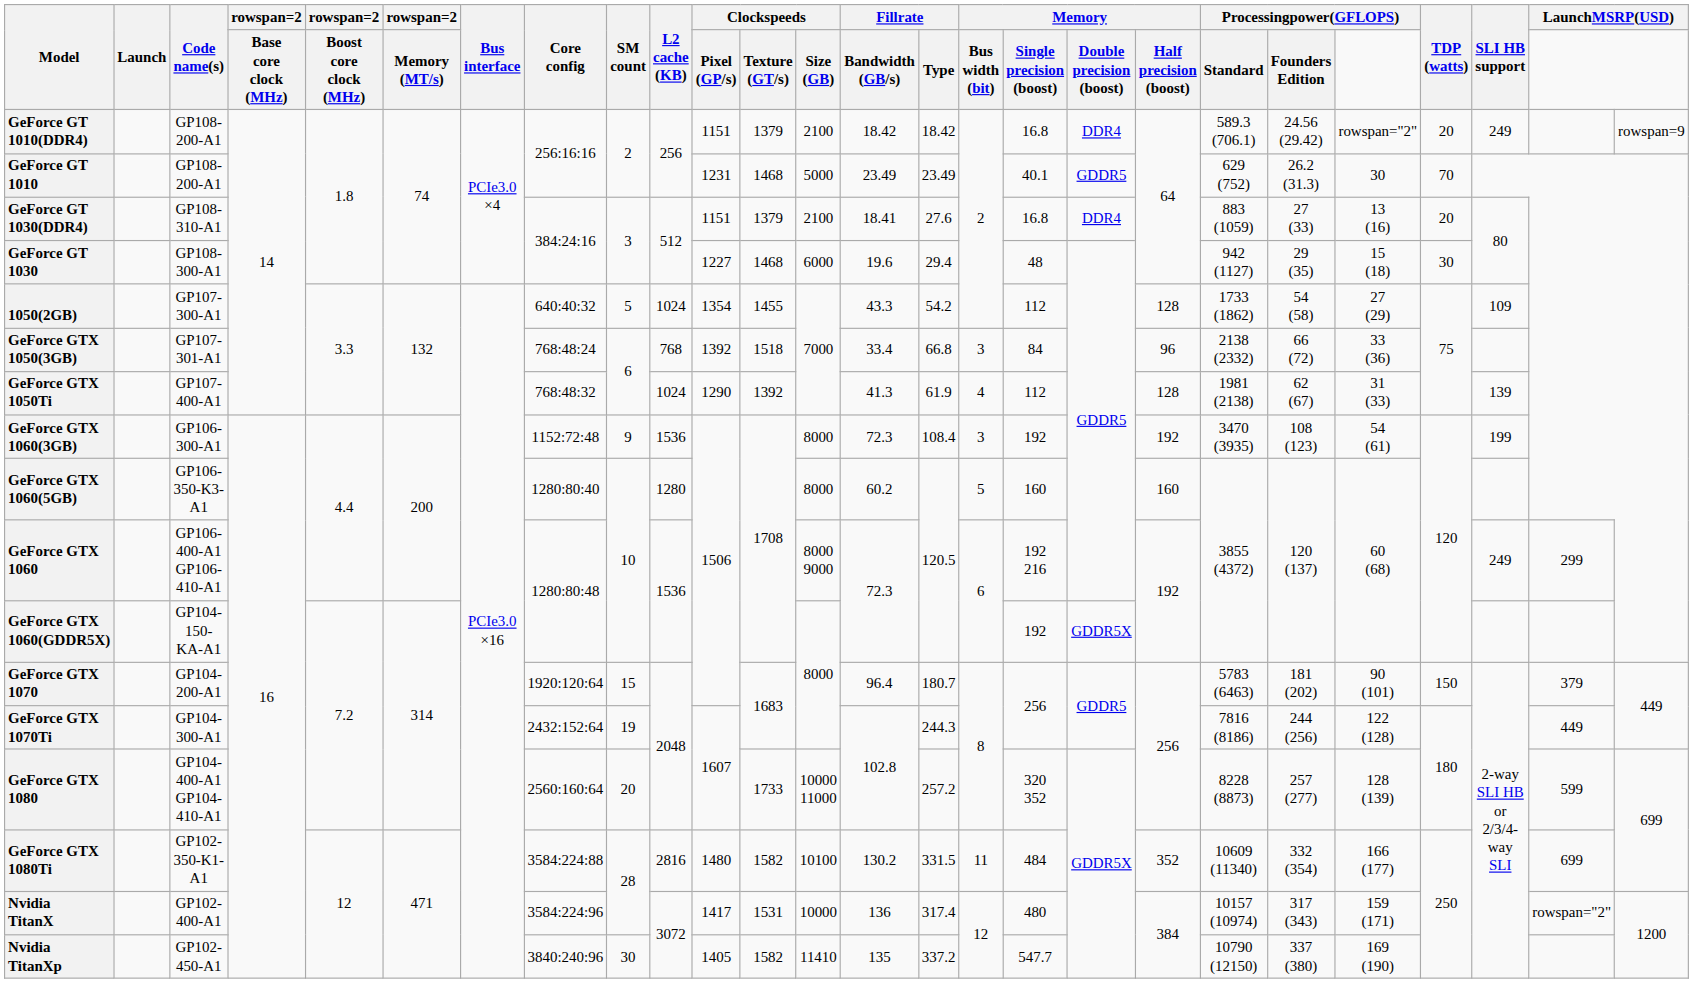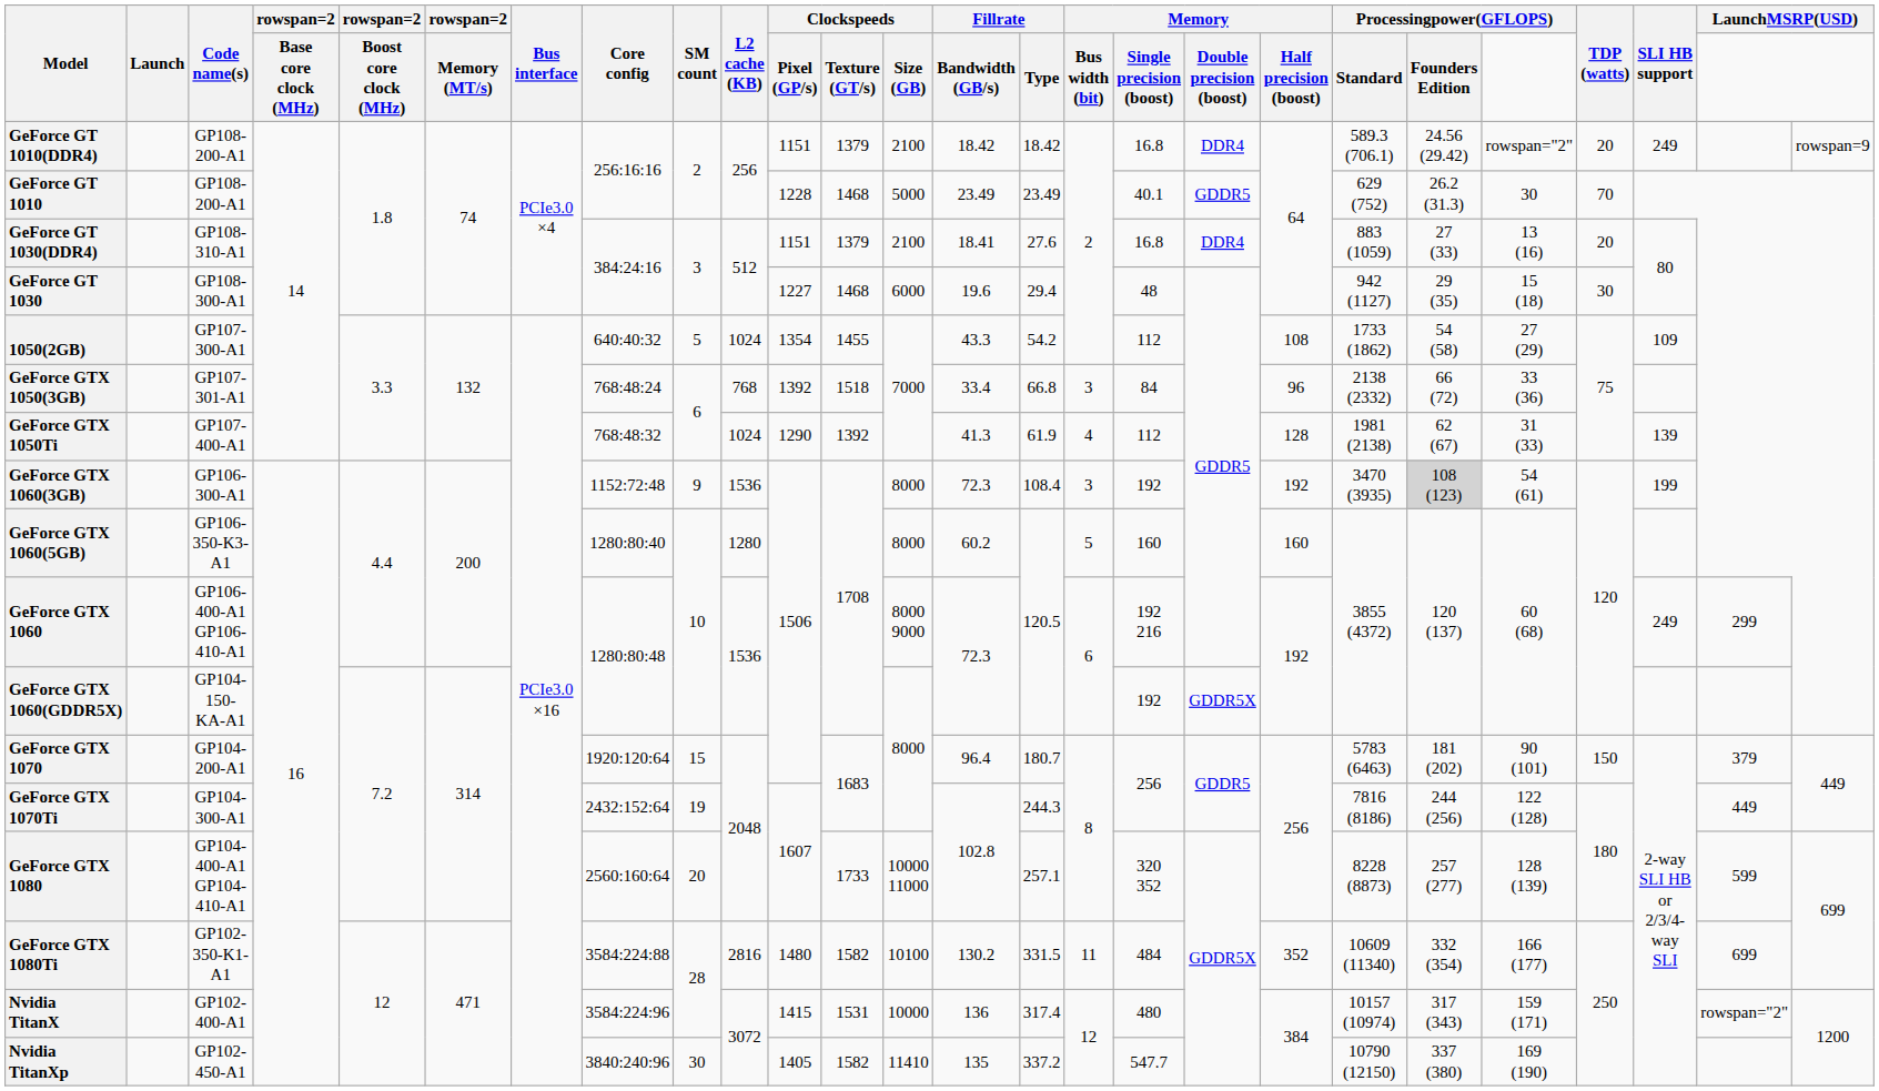 <table class="wikitable sortable mw-datatable sticky-table-head sticky-table-col1 sort-under-center" style="font-size: 82%; text-align: center;">
 <tr>
 <th rowspan=2>Model</th>
 <th rowspan=2>Launch</th>
 <th rowspan=2><a href='#'>Code name</a>(s)</th>
 <th>rowspan=2 </th>
 <th>rowspan=2 </th>
 <th>rowspan=2 </th>
 <th rowspan=2><a href='#'>Bus</a><br><a href='#'>interface</a></th>
 <th rowspan=2>Core<br>config</th>
 <th rowspan=2>SM<br>count</th>
 <th rowspan=2><a href='#'>L2 cache</a><br>(<a href='#'>KB</a>)</th>
 <th colspan=3>Clockspeeds</th>
 <th colspan=2><a href='#'>Fillrate</a></th>
 <th colspan=4><a href='#'>Memory</a></th>
 <th colspan=3>Processingpower(<a href='#'>GFLOPS</a>)</th>
 <th rowspan=2><a href='#'>TDP</a><br>(<a href='#'>watts</a>)</th>
 <th rowspan=2><a href='#'>SLI HB</a><br>support</th>
 <th colspan=2>Launch<a href='#'>MSRP</a>(<a href='#'>USD</a>)</th>
 </tr>
 <tr>
 <th>Base<br>core<br>clock<br>(<a href='#'>MHz</a>)</th>
 <th>Boost<br>core<br>clock<br>(<a href='#'>MHz</a>)</th>
 <th>Memory<br>(<a href='#'>MT/s</a>)</th>
 <th>Pixel<br>(<a href='#'>GP</a>/s)</th>
 <th>Texture<br>(<a href='#'>GT</a>/s)</th>
 <th>Size<br>(<a href='#'>GB</a>)</th>
 <th>Bandwidth<br>(<a href='#'>GB</a>/s)</th>
 <th>Type</th>
 <th>Bus<br>width<br>(<a href='#'>bit</a>)</th>
 <th><a href='#'>Single precision</a><br>(boost)</th>
 <th><a href='#'>Double precision</a><br>(boost)</th>
 <th><a href='#'>Half precision</a><br>(boost)</th>
 <th>Standard</th>
 <th>Founders<br>Edition</th>
 </tr>
 <tr>
 <th style="text-align:left;">GeForce GT<br>1010(DDR4)</th>
 <td></td>
 <td>GP108-200-A1</td>
 <td rowspan="7">14</td>
 <td rowspan="4">1.8</td>
 <td rowspan="4">74</td>
 <td rowspan="4"><a href='#'>PCIe3.0</a><br>×4</td>
 <td rowspan="2">256:16:16</td>
 <td rowspan="2">2</td>
 <td rowspan="2">256</td>
 <td>1151</td>
 <td>1379</td>
 <td>2100</td>
 <td>18.42</td>
 <td>18.42</td>
 <td rowspan="5">2</td>
 <td>16.8</td>
 <td><a href='#'>DDR4</a></td>
 <td rowspan="4">64</td>
 <td>589.3<br>(706.1)</td>
 <td>24.56<br>(29.42)</td>
 <td>rowspan="2" </td>
 <td>20</td>
 <td>249</td>
 <td></td>
 <td>rowspan=9 </td>
 </tr>
 <tr>
 <th style="text-align:left;">GeForce GT<br>1010</th>
 <td></td>
 <td>GP108-200-A1</td>
-<td>1231</td>
+<td>1228</td>
 <td>1468</td>
 <td>5000</td>
 <td>23.49</td>
 <td>23.49</td>
 <td>40.1</td>
 <td><a href='#'>GDDR5</a></td>
 <td>629<br>(752)</td>
 <td>26.2<br>(31.3)</td>
 <td>30</td>
 <td>70</td>
 </tr>
 <tr>
 <th style="text-align:left;">GeForce GT<br>1030(DDR4)</th>
 <td></td>
 <td>GP108-310-A1</td>
 <td rowspan="2">384:24:16</td>
 <td rowspan="2">3</td>
 <td rowspan="2">512</td>
 <td>1151</td>
 <td>1379</td>
 <td>2100</td>
 <td>18.41</td>
 <td>27.6</td>
 <td>16.8</td>
 <td><a href='#'>DDR4</a></td>
 <td>883<br>(1059)</td>
 <td>27<br>(33)</td>
 <td>13<br>(16)</td>
 <td>20</td>
 <td rowspan="2">80</td>
 </tr>
 <tr>
 <th style="text-align:left;">GeForce GT<br>1030</th>
 <td></td>
 <td>GP108-300-A1</td>
 <td>1227</td>
 <td>1468</td>
 <td>6000</td>
 <td>19.6</td>
 <td>29.4</td>
 <td>48</td>
 <td rowspan="7"><a href='#'>GDDR5</a></td>
 <td>942<br>(1127)</td>
 <td>29<br>(35)</td>
 <td>15<br>(18)</td>
 <td>30</td>
 </tr>
 <tr>
 <th style="text-align:left;"><br>1050(2GB)</th>
 <td></td>
 <td>GP107-300-A1</td>
 <td rowspan="3">3.3</td>
 <td rowspan="3">132</td>
 <td rowspan="13"><a href='#'>PCIe3.0</a><br>×16</td>
 <td>640:40:32</td>
 <td>5</td>
 <td>1024</td>
 <td>1354</td>
 <td>1455</td>
 <td rowspan="3">7000</td>
 <td>43.3</td>
 <td>54.2</td>
 <td>112</td>
-<td>128</td>
+<td>108</td>
 <td>1733<br>(1862)</td>
 <td>54<br>(58)</td>
 <td>27<br>(29)</td>
 <td rowspan="3">75</td>
 <td>109</td>
 </tr>
 <tr>
 <th style="text-align:left;">GeForce GTX<br>1050(3GB)</th>
 <td></td>
 <td>GP107-301-A1</td>
 <td>768:48:24</td>
 <td rowspan="2">6</td>
 <td>768</td>
 <td>1392</td>
 <td>1518</td>
 <td>33.4</td>
 <td>66.8</td>
 <td>3</td>
 <td>84</td>
 <td>96</td>
 <td>2138<br>(2332)</td>
 <td>66<br>(72)</td>
 <td>33<br>(36)</td>
 <td></td>
 </tr>
 <tr>
 <th style="text-align:left;">GeForce GTX<br>1050Ti</th>
 <td></td>
 <td>GP107-400-A1</td>
 <td>768:48:32</td>
 <td>1024</td>
 <td>1290</td>
 <td>1392</td>
 <td>41.3</td>
 <td>61.9</td>
 <td>4</td>
 <td>112</td>
 <td>128</td>
 <td>1981<br>(2138)</td>
 <td>62<br>(67)</td>
 <td>31<br>(33)</td>
 <td>139</td>
 </tr>
 <tr>
 <th style="text-align:left;">GeForce GTX<br>1060(3GB)</th>
 <td></td>
 <td>GP106-300-A1</td>
 <td rowspan="10">16</td>
 <td rowspan="3">4.4</td>
 <td rowspan="3">200</td>
 <td>1152:72:48</td>
 <td>9</td>
 <td>1536</td>
 <td rowspan="5">1506</td>
 <td rowspan="4">1708</td>
 <td>8000</td>
 <td>72.3</td>
 <td>108.4</td>
 <td>3</td>
 <td>192</td>
 <td>192</td>
 <td>3470<br>(3935)</td>
-<td>108<br>(123)</td>
+<td style="background: lightgrey;">108<br>(123)</td>
 <td>54<br>(61)</td>
 <td rowspan="4">120</td>
 <td>199</td>
 </tr>
 <tr>
 <th style="text-align:left;">GeForce GTX<br>1060(5GB)</th>
 <td></td>
 <td>GP106-350-K3-A1</td>
 <td>1280:80:40</td>
 <td rowspan="3">10</td>
 <td>1280</td>
 <td>8000</td>
 <td>60.2</td>
 <td rowspan="3">120.5</td>
 <td>5</td>
 <td>160</td>
 <td>160</td>
 <td rowspan="3">3855<br>(4372)</td>
 <td rowspan="3">120<br>(137)</td>
 <td rowspan="3">60<br>(68)</td>
 <td></td>
 </tr>
 <tr>
 <th style="text-align:left;">GeForce GTX<br>1060</th>
 <td></td>
 <td>GP106-400-A1<br>GP106-410-A1</td>
 <td rowspan="2">1280:80:48</td>
 <td rowspan="2">1536</td>
 <td>8000<br>9000</td>
 <td rowspan="2">72.3</td>
 <td rowspan="2">6</td>
 <td>192<br>216</td>
 <td rowspan="2">192</td>
 <td>249</td>
 <td>299</td>
 </tr>
 <tr>
 <th style="text-align:left;">GeForce GTX<br>1060(GDDR5X)</th>
 <td></td>
 <td>GP104-150-KA-A1</td>
 <td rowspan="4">7.2</td>
 <td rowspan="4">314</td>
 <td rowspan="3">8000</td>
 <td>192</td>
 <td><a href='#'>GDDR5X</a></td>
 <td></td>
 <td></td>
 </tr>
 <tr>
 <th style="text-align:left;">GeForce GTX<br>1070</th>
 <td></td>
 <td>GP104-200-A1</td>
 <td>1920:120:64</td>
 <td>15</td>
 <td rowspan="3">2048</td>
 <td rowspan="2">1683</td>
 <td>96.4</td>
 <td>180.7</td>
 <td rowspan="3">8</td>
 <td rowspan="2">256</td>
 <td rowspan="2"><a href='#'>GDDR5</a></td>
 <td rowspan="3">256</td>
 <td>5783<br>(6463)</td>
 <td>181<br>(202)</td>
 <td>90<br>(101)</td>
 <td>150</td>
 <td rowspan="6">2-way <a href='#'>SLI HB</a><br>or 2/3/4-way <a href='#'>SLI</a></td>
 <td>379</td>
 <td rowspan="2">449</td>
 </tr>
 <tr>
 <th style="text-align:left;">GeForce GTX<br>1070Ti</th>
 <td></td>
 <td>GP104-300-A1</td>
 <td>2432:152:64</td>
 <td>19</td>
 <td rowspan="2">1607</td>
 <td rowspan="2">102.8</td>
 <td>244.3</td>
 <td>7816<br>(8186)</td>
 <td>244<br>(256)</td>
 <td>122<br>(128)</td>
 <td rowspan="2">180</td>
 <td>449</td>
 </tr>
 <tr>
 <th style="text-align:left;">GeForce GTX<br>1080</th>
 <td></td>
 <td>GP104-400-A1 <br>GP104-410-A1</td>
 <td>2560:160:64</td>
 <td>20</td>
 <td>1733</td>
 <td rowspan="1">10000<br>11000</td>
-<td>257.2</td>
+<td>257.1</td>
 <td>320<br>352</td>
 <td rowspan="4"><a href='#'>GDDR5X</a></td>
 <td>8228<br>(8873)</td>
 <td>257<br>(277)</td>
 <td>128<br>(139)</td>
 <td>599</td>
 <td rowspan="2">699</td>
 </tr>
 <tr>
 <th style="text-align:left;">GeForce GTX<br>1080Ti</th>
 <td></td>
 <td>GP102-350-K1-A1</td>
 <td rowspan="3">12</td>
 <td rowspan="3">471</td>
 <td rowspan="1">3584:224:88</td>
 <td rowspan="2">28</td>
 <td>2816</td>
 <td>1480</td>
 <td>1582</td>
 <td rowspan="1">10100</td>
 <td>130.2</td>
 <td>331.5</td>
 <td>11</td>
 <td>484</td>
 <td>352</td>
 <td>10609<br>(11340)</td>
 <td>332<br>(354)</td>
 <td>166<br>(177)</td>
 <td rowspan="3">250</td>
 <td>699</td>
 </tr>
 <tr>
 <th style="text-align:left;">Nvidia<br>TitanX</th>
 <td></td>
 <td>GP102-400-A1</td>
 <td rowspan="1">3584:224:96</td>
 <td rowspan="2">3072</td>
-<td>1417</td>
+<td>1415</td>
 <td>1531</td>
 <td rowspan="1">10000</td>
 <td>136</td>
 <td>317.4</td>
 <td rowspan="2">12</td>
 <td>480</td>
 <td rowspan="2">384</td>
 <td>10157<br>(10974)</td>
 <td>317<br>(343)</td>
 <td>159<br>(171)</td>
 <td>rowspan="2" </td>
 <td rowspan="2">1200</td>
 </tr>
 <tr>
 <th style="text-align:left;">Nvidia<br>TitanXp</th>
 <td></td>
 <td>GP102-450-A1</td>
 <td rowspan="1">3840:240:96</td>
 <td>30</td>
 <td>1405</td>
 <td>1582</td>
 <td rowspan="1">11410</td>
 <td>135</td>
 <td>337.2</td>
 <td>547.7</td>
 <td>10790<br>(12150)</td>
 <td>337<br>(380)</td>
 <td>169<br>(190)</td>
 </tr>
 </table>
